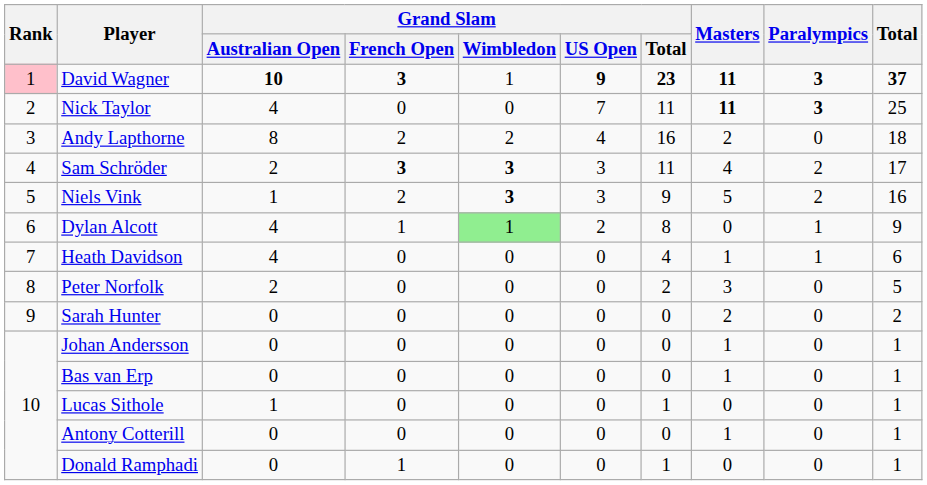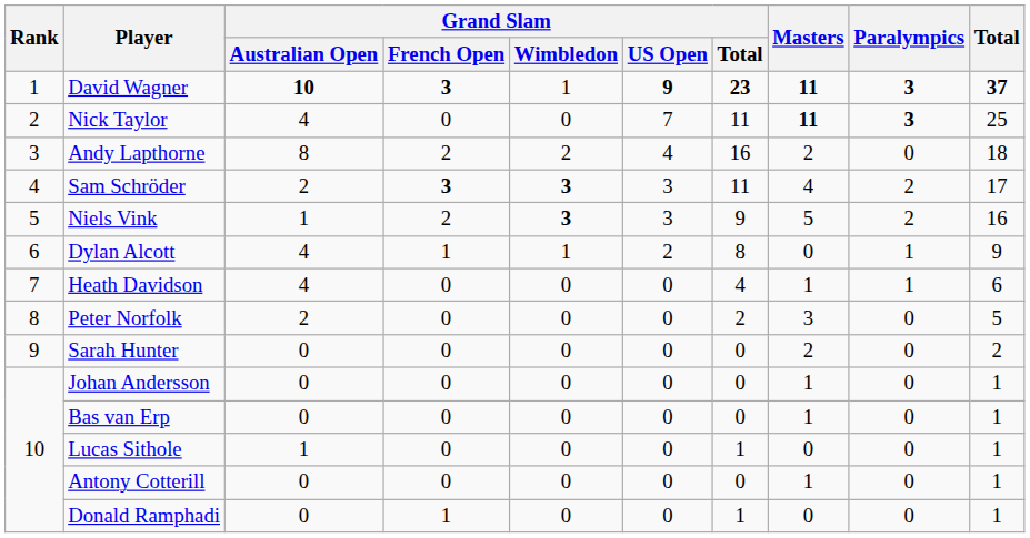 <table class="wikitable sortable" style="text-align:center">
 <tr>
 <th rowspan="2" align="center">Rank</th>
 <th rowspan="2" align="center">Player</th>
 <th colspan="5" align="center"><a href='#'>Grand Slam</a></th>
 <th rowspan="2" align="center"><a href='#'>Masters</a></th>
 <th rowspan="2" align="center"><a href='#'>Paralympics</a></th>
 <th rowspan="2" align="center">Total</th>
 </tr>
 <tr>
 <th align="center"><a href='#'>Australian Open</a></th>
 <th align="center"><a href='#'>French Open</a></th>
 <th align="center"><a href='#'>Wimbledon</a></th>
 <th align="center"><a href='#'>US Open</a></th>
 <th align="center">Total</th>
 </tr>
 <tr>
-<td style="background: pink;">1</td>
+<td>1</td>
 <td style="text-align:left;" data-sort-value=""> <a href='#'>David Wagner</a></td>
 <td><strong>10</strong></td>
 <td><strong>3</strong></td>
 <td>1</td>
 <td><strong>9</strong></td>
 <td><strong>23</strong></td>
 <td><strong>11</strong></td>
 <td><strong>3</strong></td>
 <td><strong>37</strong></td>
 </tr>
 <tr>
 <td>2</td>
 <td style="text-align:left;" data-sort-value=""> <a href='#'>Nick Taylor</a></td>
 <td>4</td>
 <td>0</td>
 <td>0</td>
 <td>7</td>
 <td>11</td>
 <td><strong>11</strong></td>
 <td><strong>3</strong></td>
 <td>25</td>
 </tr>
 <tr>
 <td>3</td>
 <td style="text-align:left;" data-sort-value=""> <a href='#'>Andy Lapthorne</a></td>
 <td>8</td>
 <td>2</td>
 <td>2</td>
 <td>4</td>
 <td>16</td>
 <td>2</td>
 <td>0</td>
 <td>18</td>
 </tr>
 <tr>
 <td>4</td>
 <td style="text-align:left;" data-sort-value=""> <a href='#'>Sam Schröder</a></td>
 <td>2</td>
 <td><strong>3</strong></td>
 <td><strong>3</strong></td>
 <td>3</td>
 <td>11</td>
 <td>4</td>
 <td>2</td>
 <td>17</td>
 </tr>
 <tr>
 <td>5</td>
 <td style="text-align:left;" data-sort-value=""> <a href='#'>Niels Vink</a></td>
 <td>1</td>
 <td>2</td>
 <td><strong>3</strong></td>
 <td>3</td>
 <td>9</td>
 <td>5</td>
 <td>2</td>
 <td>16</td>
 </tr>
 <tr>
 <td>6</td>
 <td style="text-align:left;" data-sort-value=""> <a href='#'>Dylan Alcott</a></td>
 <td>4</td>
 <td>1</td>
-<td style="background: lightgreen;">1</td>
+<td>1</td>
 <td>2</td>
 <td>8</td>
 <td>0</td>
 <td>1</td>
 <td>9</td>
 </tr>
 <tr>
 <td>7</td>
 <td style="text-align:left;" data-sort-value=""> <a href='#'>Heath Davidson</a></td>
 <td>4</td>
 <td>0</td>
 <td>0</td>
 <td>0</td>
 <td>4</td>
 <td>1</td>
 <td>1</td>
 <td>6</td>
 </tr>
 <tr>
 <td>8</td>
 <td style="text-align:left;" data-sort-value=""> <a href='#'>Peter Norfolk</a></td>
 <td>2</td>
 <td>0</td>
 <td>0</td>
 <td>0</td>
 <td>2</td>
 <td>3</td>
 <td>0</td>
 <td>5</td>
 </tr>
 <tr>
 <td>9</td>
 <td style="text-align:left;" data-sort-value=""> <a href='#'>Sarah Hunter</a></td>
 <td>0</td>
 <td>0</td>
 <td>0</td>
 <td>0</td>
 <td>0</td>
 <td>2</td>
 <td>0</td>
 <td>2</td>
 </tr>
 <tr>
 <td rowspan="5">10</td>
 <td style="text-align:left;" data-sort-value=""> <a href='#'>Johan Andersson</a></td>
 <td>0</td>
 <td>0</td>
 <td>0</td>
 <td>0</td>
 <td>0</td>
 <td>1</td>
 <td>0</td>
 <td>1</td>
 </tr>
 <tr>
 <td style="text-align:left;" data-sort-value=""> <a href='#'>Bas van Erp</a></td>
 <td>0</td>
 <td>0</td>
 <td>0</td>
 <td>0</td>
 <td>0</td>
 <td>1</td>
 <td>0</td>
 <td>1</td>
 </tr>
 <tr>
 <td style="text-align:left;" data-sort-value=""> <a href='#'>Lucas Sithole</a></td>
 <td>1</td>
 <td>0</td>
 <td>0</td>
 <td>0</td>
 <td>1</td>
 <td>0</td>
 <td>0</td>
 <td>1</td>
 </tr>
 <tr>
 <td style="text-align:left;" data-sort-value=""> <a href='#'>Antony Cotterill</a></td>
 <td>0</td>
 <td>0</td>
 <td>0</td>
 <td>0</td>
 <td>0</td>
 <td>1</td>
 <td>0</td>
 <td>1</td>
 </tr>
 <tr>
 <td style="text-align:left;" data-sort-value=""> <a href='#'>Donald Ramphadi</a></td>
 <td>0</td>
 <td>1</td>
 <td>0</td>
 <td>0</td>
 <td>1</td>
 <td>0</td>
 <td>0</td>
 <td>1</td>
 </tr>
 </table>
